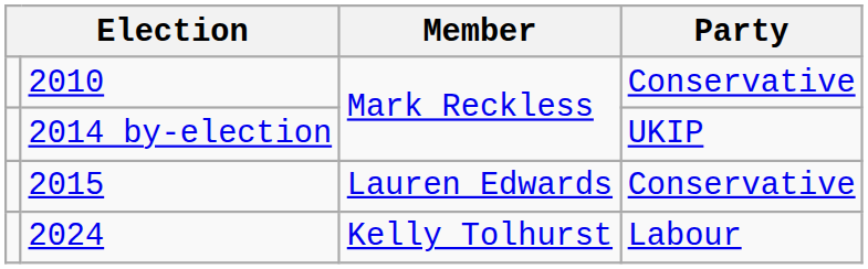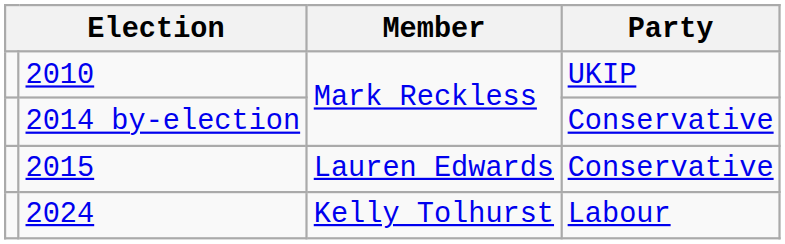 <table class="wikitable">
 <tr>
 <th colspan="2">Election</th>
 <th>Member</th>
 <th>Party</th>
 </tr>
 <tr>
 <td style="color:inherit;background-color: "></td>
 <td><a href='#'>2010</a></td>
 <td rowspan="2"><a href='#'>Mark Reckless</a></td>
-<td><a href='#'>Conservative</a></td>
+<td><a href='#'>UKIP</a></td>
 </tr>
 <tr>
 <td style="color:inherit;background-color: "></td>
 <td><a href='#'>2014 by-election</a></td>
-<td><a href='#'>UKIP</a></td>
+<td><a href='#'>Conservative</a></td>
 </tr>
 <tr>
 <td style="color:inherit;background-color: "></td>
 <td><a href='#'>2015</a></td>
 <td><a href='#'>Lauren Edwards</a></td>
 <td><a href='#'>Conservative</a></td>
 </tr>
 <tr>
 <td style="color:inherit;background-color: "></td>
 <td><a href='#'>2024</a></td>
 <td><a href='#'>Kelly Tolhurst</a></td>
 <td><a href='#'>Labour</a></td>
 </tr>
 </table>
